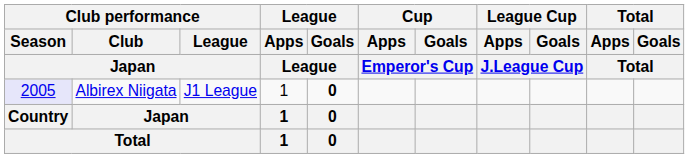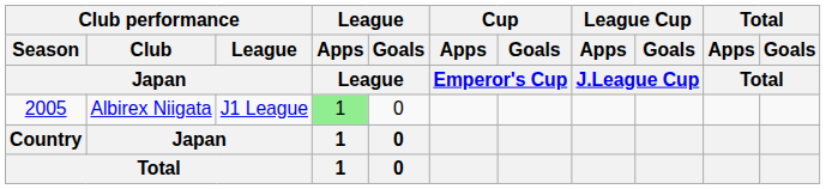 <table class="wikitable" style="text-align:center;">
 <tr>
 <th colspan=3>Club performance</th>
 <th colspan=2>League</th>
 <th colspan=2>Cup</th>
 <th colspan=2>League Cup</th>
 <th colspan=2>Total</th>
 </tr>
 <tr>
 <th>Season</th>
 <th>Club</th>
 <th>League</th>
 <th>Apps</th>
 <th>Goals</th>
 <th>Apps</th>
 <th>Goals</th>
 <th>Apps</th>
 <th>Goals</th>
 <th>Apps</th>
 <th>Goals</th>
 </tr>
 <tr>
 <th colspan=3>Japan</th>
 <th colspan=2>League</th>
 <th colspan=2><a href='#'>Emperor's Cup</a></th>
 <th colspan=2><a href='#'>J.League Cup</a></th>
 <th colspan=2>Total</th>
 </tr>
 <tr>
-<td style="background: lavender;"><a href='#'>2005</a></td>
+<td><a href='#'>2005</a></td>
 <td><a href='#'>Albirex Niigata</a></td>
 <td><a href='#'>J1 League</a></td>
-<td>1</td>
-<td><strong>0</strong></td>
+<td style="background: lightgreen;">1</td>
+<td>0</td>
 <td></td>
 <td></td>
 <td></td>
 <td></td>
 <td></td>
 <td></td>
 </tr>
 <tr>
 <th rowspan=1>Country</th>
 <th colspan=2>Japan</th>
 <th>1</th>
 <th>0</th>
 <th></th>
 <th></th>
 <th></th>
 <th></th>
 <th></th>
 <th></th>
 </tr>
 <tr>
 <th colspan=3>Total</th>
 <th>1</th>
 <th>0</th>
 <th></th>
 <th></th>
 <th></th>
 <th></th>
 <th></th>
 <th></th>
 </tr>
 </table>
